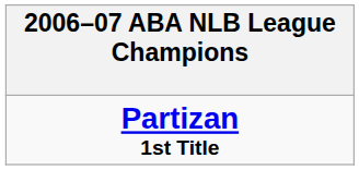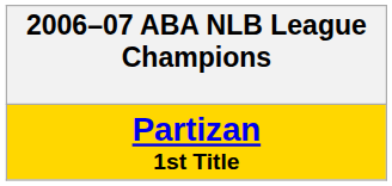 <table class="wikitable" style="margin: 0 auto; width: 30%;">
 <tr>
 <th><big>2006–07 ABA NLB League Champions</big><br><br></th>
 </tr>
 <tr>
-<td align=center><big><big><strong><a href='#'>Partizan</a></strong><br></big></big><strong>1st Title</strong></td>
+<td align=center style="background: gold;"><big><big><strong><a href='#'>Partizan</a></strong><br></big></big><strong>1st Title</strong></td>
 </tr>
 </table>
